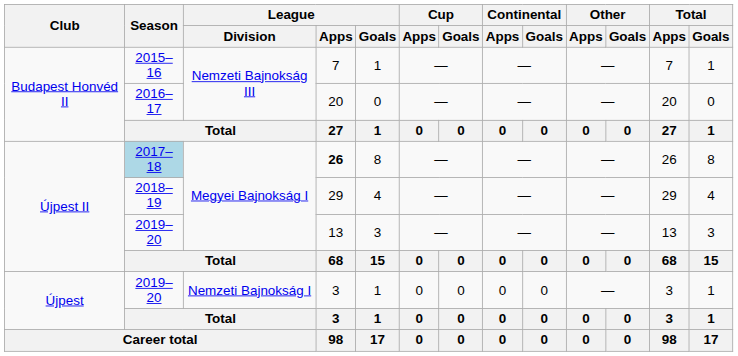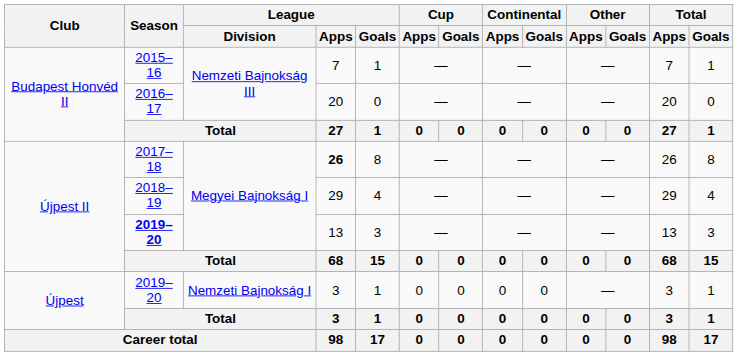 <table class="wikitable" style="text-align:center">
 <tr>
 <th rowspan="2">Club</th>
 <th rowspan="2">Season</th>
 <th colspan="3">League</th>
 <th colspan="2">Cup</th>
 <th colspan="2">Continental</th>
 <th colspan="2">Other</th>
 <th colspan="2">Total</th>
 </tr>
 <tr>
 <th>Division</th>
 <th>Apps</th>
 <th>Goals</th>
 <th>Apps</th>
 <th>Goals</th>
 <th>Apps</th>
 <th>Goals</th>
 <th>Apps</th>
 <th>Goals</th>
 <th>Apps</th>
 <th>Goals</th>
 </tr>
 <tr>
 <td rowspan="3"><a href='#'>Budapest Honvéd II</a></td>
 <td><a href='#'>2015–16</a></td>
 <td rowspan="2"><a href='#'>Nemzeti Bajnokság III</a></td>
 <td>7</td>
 <td>1</td>
 <td colspan="2">—</td>
 <td colspan="2">—</td>
 <td colspan="2">—</td>
 <td>7</td>
 <td>1</td>
 </tr>
 <tr>
 <td><a href='#'>2016–17</a></td>
 <td>20</td>
 <td>0</td>
 <td colspan="2">—</td>
 <td colspan="2">—</td>
 <td colspan="2">—</td>
 <td>20</td>
 <td>0</td>
 </tr>
 <tr>
 <th colspan="2">Total</th>
 <th>27</th>
 <th>1</th>
 <th>0</th>
 <th>0</th>
 <th>0</th>
 <th>0</th>
 <th>0</th>
 <th>0</th>
 <th>27</th>
 <th>1</th>
 </tr>
 <tr>
 <td rowspan="4"><a href='#'>Újpest II</a></td>
-<td style="background: lightblue;"><a href='#'>2017–18</a></td>
+<td><a href='#'>2017–18</a></td>
 <td rowspan="3"><a href='#'>Megyei Bajnokság I</a></td>
 <td><strong>26</strong></td>
 <td>8</td>
 <td colspan="2">—</td>
 <td colspan="2">—</td>
 <td colspan="2">—</td>
 <td>26</td>
 <td>8</td>
 </tr>
 <tr>
 <td><a href='#'>2018–19</a></td>
 <td>29</td>
 <td>4</td>
 <td colspan="2">—</td>
 <td colspan="2">—</td>
 <td colspan="2">—</td>
 <td>29</td>
 <td>4</td>
 </tr>
 <tr>
-<td><a href='#'>2019–20</a></td>
+<td><strong><a href='#'>2019–20</a></strong></td>
 <td>13</td>
 <td>3</td>
 <td colspan="2">—</td>
 <td colspan="2">—</td>
 <td colspan="2">—</td>
 <td>13</td>
 <td>3</td>
 </tr>
 <tr>
 <th colspan="2">Total</th>
 <th>68</th>
 <th>15</th>
 <th>0</th>
 <th>0</th>
 <th>0</th>
 <th>0</th>
 <th>0</th>
 <th>0</th>
 <th>68</th>
 <th>15</th>
 </tr>
 <tr>
 <td rowspan="2"><a href='#'>Újpest</a></td>
 <td><a href='#'>2019–20</a></td>
 <td><a href='#'>Nemzeti Bajnokság I</a></td>
 <td>3</td>
 <td>1</td>
 <td>0</td>
 <td>0</td>
 <td>0</td>
 <td>0</td>
 <td colspan="2">—</td>
 <td>3</td>
 <td>1</td>
 </tr>
 <tr>
 <th colspan="2">Total</th>
 <th>3</th>
 <th>1</th>
 <th>0</th>
 <th>0</th>
 <th>0</th>
 <th>0</th>
 <th>0</th>
 <th>0</th>
 <th>3</th>
 <th>1</th>
 </tr>
 <tr>
 <th colspan="3">Career total</th>
 <th>98</th>
 <th>17</th>
 <th>0</th>
 <th>0</th>
 <th>0</th>
 <th>0</th>
 <th>0</th>
 <th>0</th>
 <th>98</th>
 <th>17</th>
 </tr>
 </table>
